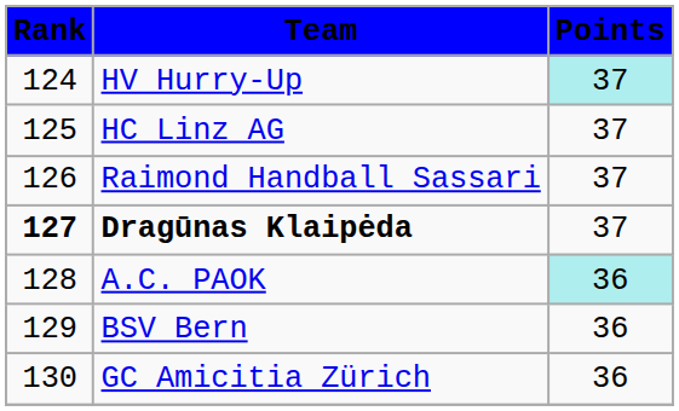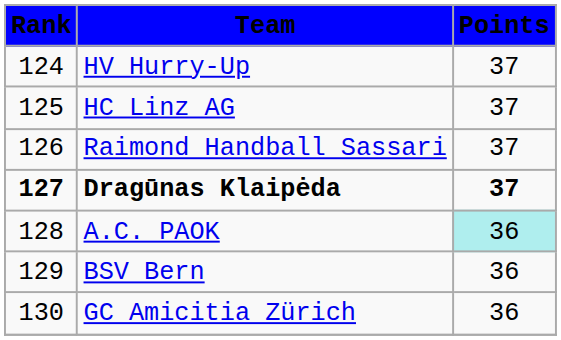 <table class="wikitable" style="text-align: center">
 <tr>
 <th style="color:#000000; background:blue">Rank</th>
 <th style="color:#000000; background:blue">Team</th>
 <th style="color:#000000; background:blue">Points</th>
 </tr>
 <tr>
 <td>124</td>
 <td align=left> <a href='#'>HV Hurry-Up</a></td>
-<td style="background: paleturquoise;">37</td>
+<td>37</td>
 </tr>
 <tr>
 <td>125</td>
 <td align=left> <a href='#'>HC Linz AG</a></td>
 <td>37</td>
 </tr>
 <tr>
 <td>126</td>
 <td align=left> <a href='#'>Raimond Handball Sassari</a></td>
 <td>37</td>
 </tr>
 <tr>
 <td><strong>127</strong></td>
 <td align=left> <strong>Dragūnas Klaipėda</strong></td>
-<td>37</td>
+<td><strong>37</strong></td>
 </tr>
 <tr>
 <td>128</td>
 <td align=left> <a href='#'>A.C. PAOK</a></td>
 <td style="background: paleturquoise;">36</td>
 </tr>
 <tr>
 <td>129</td>
 <td align=left> <a href='#'>BSV Bern</a></td>
 <td>36</td>
 </tr>
 <tr>
 <td>130</td>
 <td align=left> <a href='#'>GC Amicitia Zürich</a></td>
 <td>36</td>
 </tr>
 <tr>
 </tr>
 </table>
